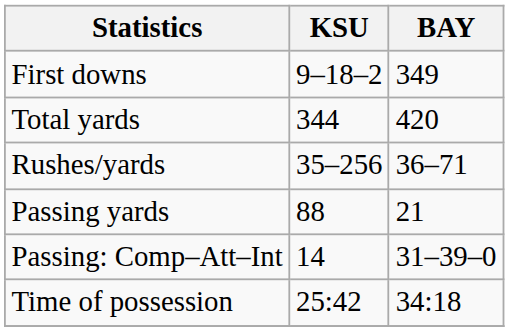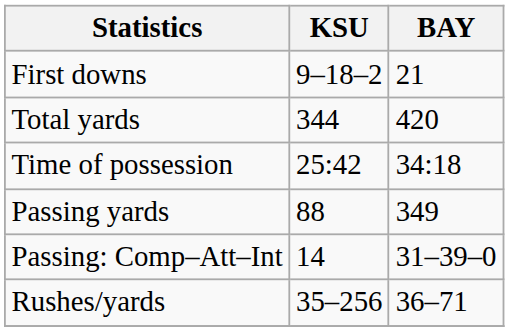 <table class="wikitable" style="float: left;">
 <tr>
 <th>Statistics</th>
 <th>KSU</th>
 <th>BAY</th>
 </tr>
 <tr>
 <td>First downs</td>
 <td>9–18–2</td>
-<td>349</td>
+<td>21</td>
 </tr>
 <tr>
 <td>Total yards</td>
 <td>344</td>
 <td>420</td>
 </tr>
 <tr>
-<td>Rushes/yards</td>
-<td>35–256</td>
-<td>36–71</td>
+<td>Time of possession</td>
+<td>25:42</td>
+<td>34:18</td>
 </tr>
 <tr>
 <td>Passing yards</td>
 <td>88</td>
-<td>21</td>
+<td>349</td>
 </tr>
 <tr>
 <td>Passing: Comp–Att–Int</td>
 <td>14</td>
 <td>31–39–0</td>
 </tr>
 <tr>
-<td>Time of possession</td>
-<td>25:42</td>
-<td>34:18</td>
+<td>Rushes/yards</td>
+<td>35–256</td>
+<td>36–71</td>
 </tr>
 <tr>
 </tr>
 </table>
